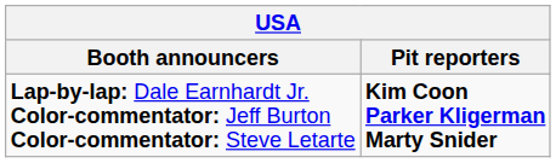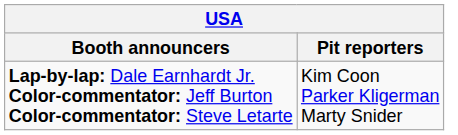 <table class="wikitable" style="font-size: 95%;">
 <tr>
 <th colspan="2"><a href='#'>USA</a></th>
 </tr>
 <tr>
 <th>Booth announcers</th>
 <th>Pit reporters</th>
 </tr>
 <tr>
 <td><strong>Lap-by-lap:</strong> <a href='#'>Dale Earnhardt Jr.</a><br><strong>Color-commentator:</strong> <a href='#'>Jeff Burton</a><br><strong>Color-commentator:</strong> <a href='#'>Steve Letarte</a></td>
-<td><strong>Kim Coon<br><a href='#'>Parker Kligerman</a><br>Marty Snider</strong></td>
+<td>Kim Coon<br><a href='#'>Parker Kligerman</a><br>Marty Snider</td>
 </tr>
 </table>
